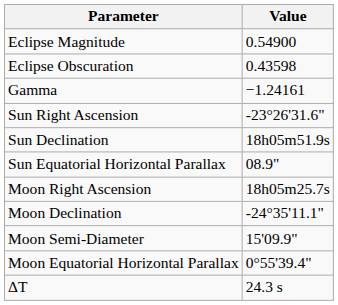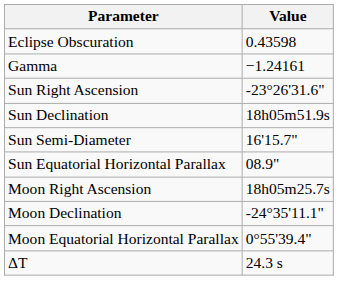 <table class="wikitable">
 <tr>
 <th>Parameter</th>
 <th>Value</th>
-</tr>
-<tr>
-<td>Eclipse Magnitude</td>
-<td>0.54900</td>
 </tr>
 <tr>
 <td>Eclipse Obscuration</td>
 <td>0.43598</td>
 </tr>
 <tr>
 <td>Gamma</td>
 <td>−1.24161</td>
 </tr>
 <tr>
 <td>Sun Right Ascension</td>
 <td>-23°26'31.6"</td>
 </tr>
 <tr>
 <td>Sun Declination</td>
 <td>18h05m51.9s</td>
 </tr>
 <tr>
+<td>Sun Semi-Diameter</td>
+<td>16'15.7"</td>
+</tr>
+<tr>
 <td>Sun Equatorial Horizontal Parallax</td>
 <td>08.9"</td>
 </tr>
 <tr>
 <td>Moon Right Ascension</td>
 <td>18h05m25.7s</td>
 </tr>
 <tr>
 <td>Moon Declination</td>
 <td>-24°35'11.1"</td>
 </tr>
 <tr>
-<td>Moon Semi-Diameter</td>
-<td>15'09.9"</td>
-</tr>
-<tr>
 <td>Moon Equatorial Horizontal Parallax</td>
 <td>0°55'39.4"</td>
 </tr>
 <tr>
 <td>ΔT</td>
 <td>24.3 s</td>
 </tr>
 </table>
